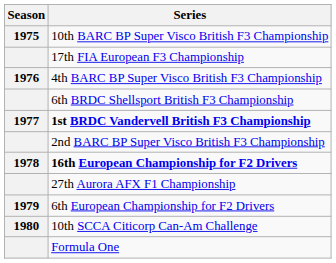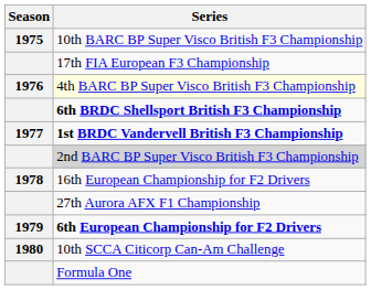 <table class="wikitable" style="font-size:90%; text-align:left">
 <tr>
 <th>Season</th>
 <th>Series</th>
 </tr>
 <tr>
 <th>1975</th>
 <td>10th <a href='#'>BARC BP Super Visco British F3 Championship</a></td>
 </tr>
 <tr>
 <th></th>
 <td>17th <a href='#'>FIA European F3 Championship</a></td>
 </tr>
 <tr>
 <th>1976</th>
-<td>4th <a href='#'>BARC BP Super Visco British F3 Championship</a></td>
+<td style="background: lightyellow;">4th <a href='#'>BARC BP Super Visco British F3 Championship</a></td>
 </tr>
 <tr>
 <th></th>
-<td>6th <a href='#'>BRDC Shellsport British F3 Championship</a></td>
+<td><strong>6th <a href='#'>BRDC Shellsport British F3 Championship</a></strong></td>
 </tr>
 <tr>
 <th>1977</th>
 <td><strong>1st <a href='#'>BRDC Vandervell British F3 Championship</a></strong></td>
 </tr>
 <tr>
 <th></th>
-<td>2nd <a href='#'>BARC BP Super Visco British F3 Championship</a></td>
+<td style="background: lightgrey;">2nd <a href='#'>BARC BP Super Visco British F3 Championship</a></td>
 </tr>
 <tr>
 <th>1978</th>
-<td><strong>16th <a href='#'>European Championship for F2 Drivers</a></strong></td>
+<td>16th <a href='#'>European Championship for F2 Drivers</a></td>
 </tr>
 <tr>
 <th></th>
 <td>27th <a href='#'>Aurora AFX F1 Championship</a></td>
 </tr>
 <tr>
 <th>1979</th>
-<td>6th <a href='#'>European Championship for F2 Drivers</a></td>
+<td><strong>6th <a href='#'>European Championship for F2 Drivers</a></strong></td>
 </tr>
 <tr>
 <th>1980</th>
 <td>10th <a href='#'>SCCA Citicorp Can-Am Challenge</a></td>
 </tr>
 <tr>
 <th></th>
 <td><a href='#'>Formula One</a></td>
 </tr>
 </table>
